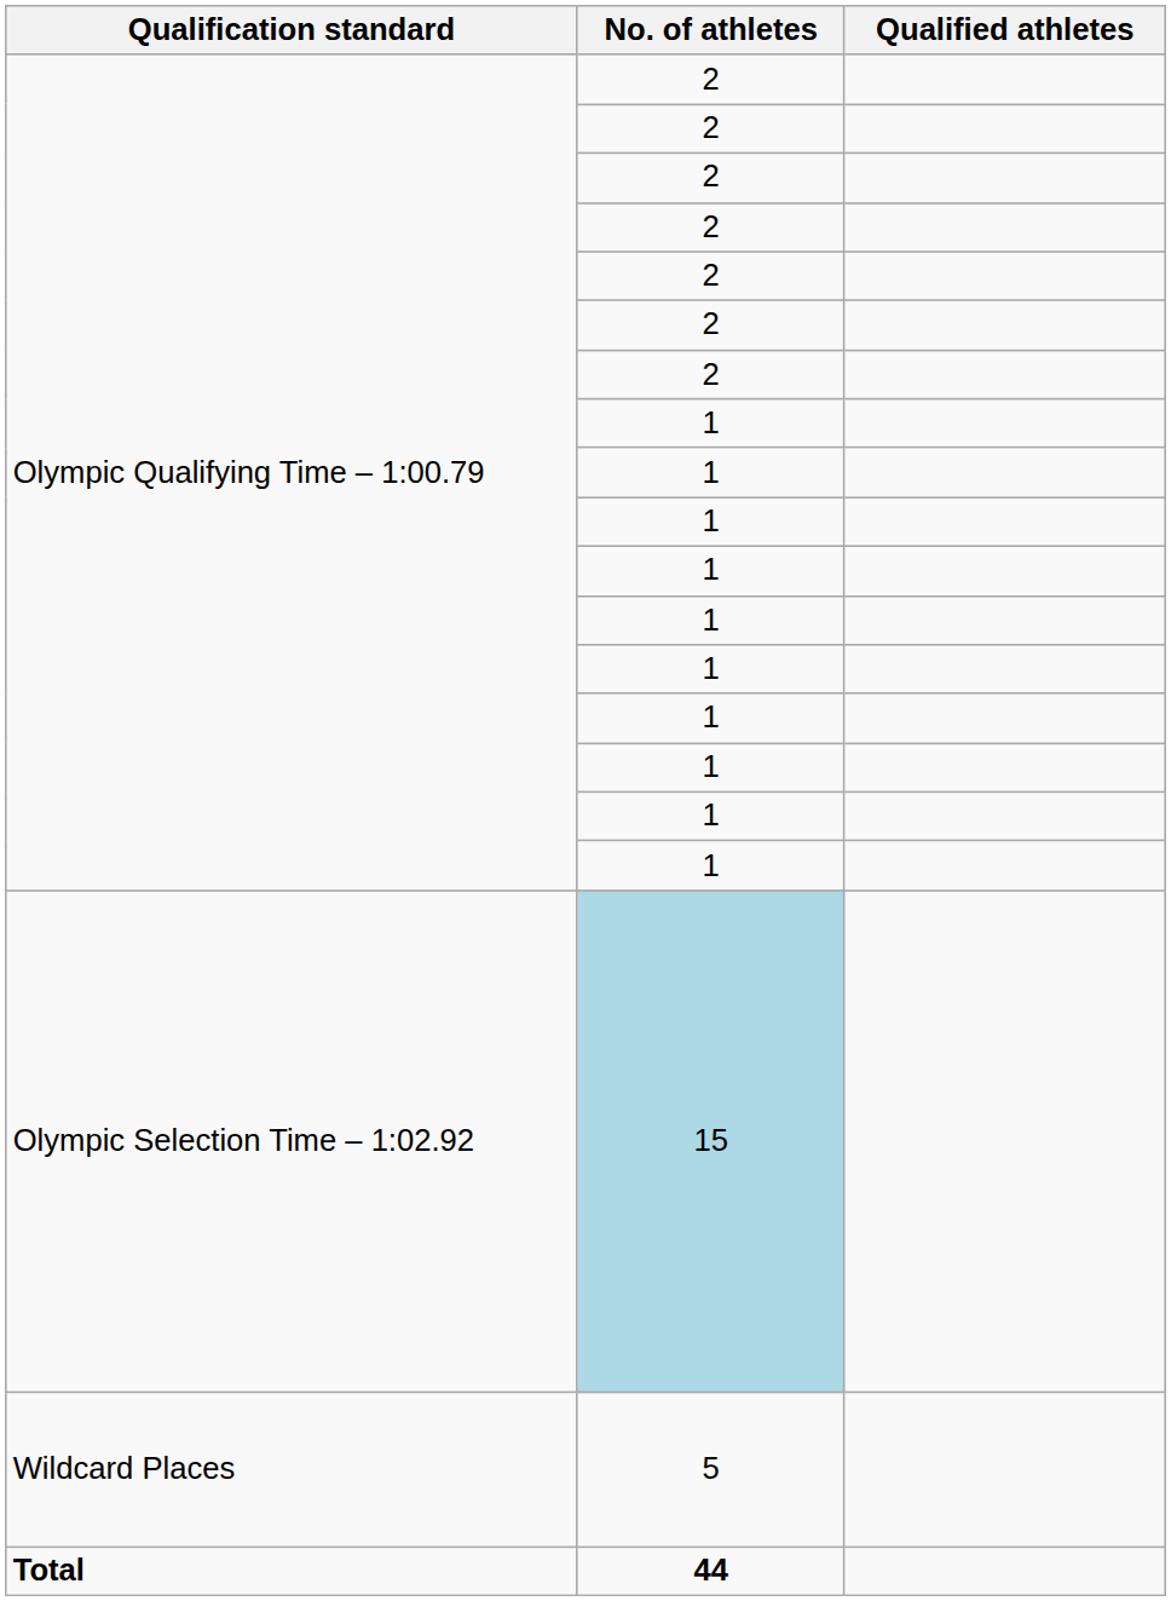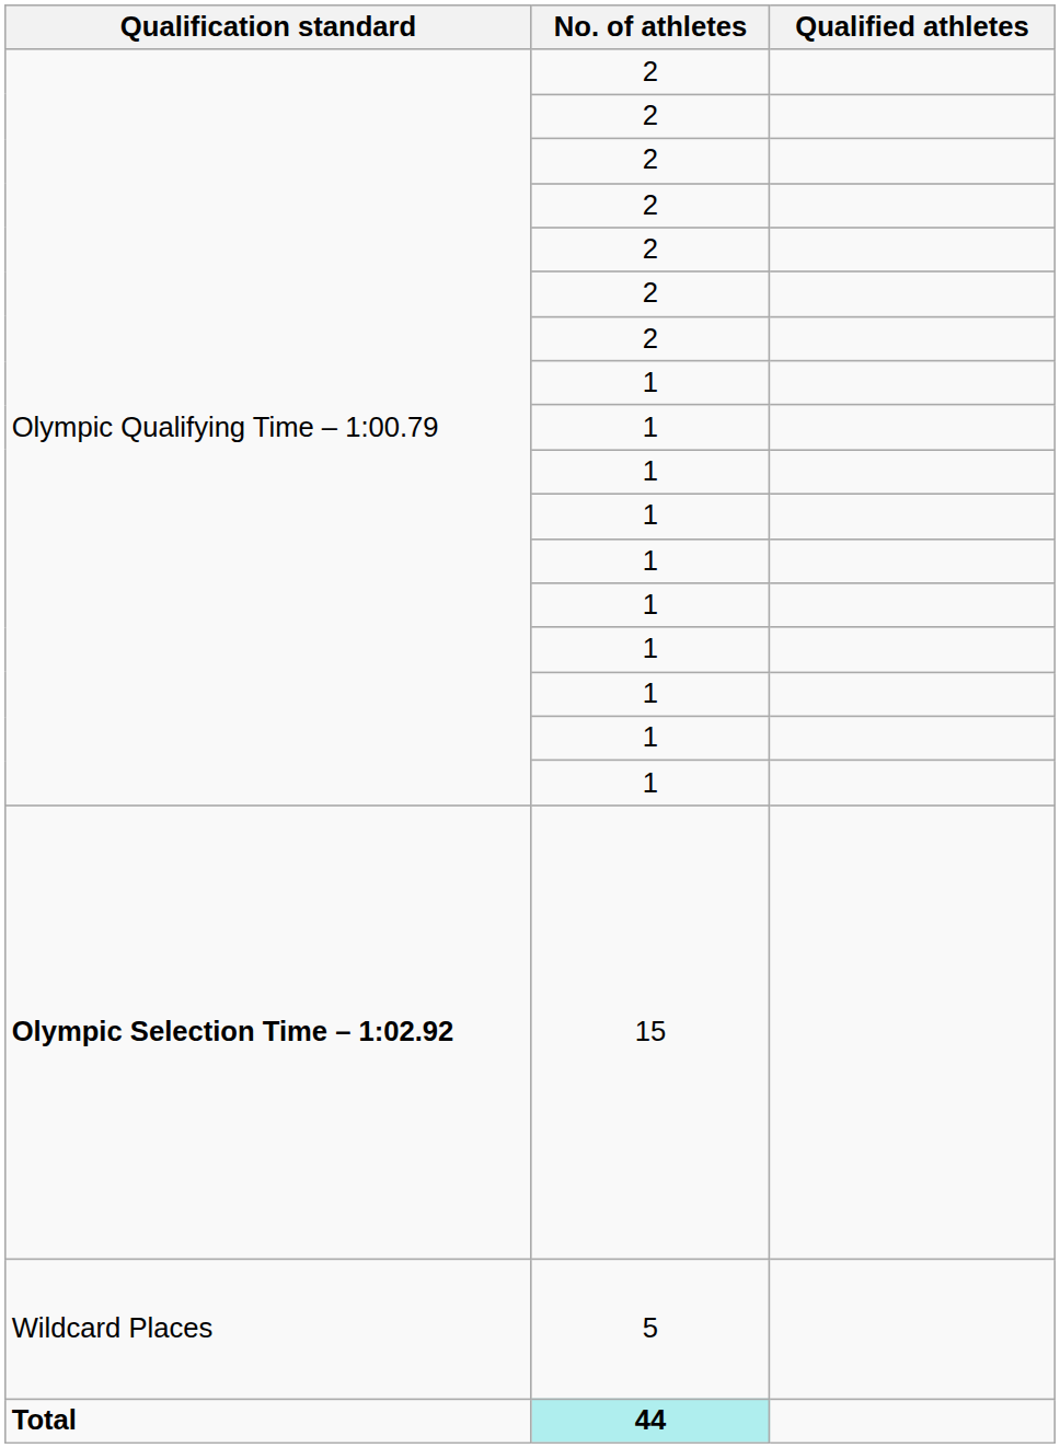 <table class=wikitable style="text-align:left" width=600>
 <tr>
 <th>Qualification standard</th>
 <th>No. of athletes</th>
 <th>Qualified athletes</th>
 </tr>
 <tr>
 <td rowspan="17">Olympic Qualifying Time – 1:00.79</td>
 <td align=center>2</td>
 <td><br></td>
 </tr>
 <tr>
 <td align=center>2</td>
 <td><br></td>
 </tr>
 <tr>
 <td align=center>2</td>
 <td><br></td>
 </tr>
 <tr>
 <td align=center>2</td>
 <td><br></td>
 </tr>
 <tr>
 <td align=center>2</td>
 <td> <br></td>
 </tr>
 <tr>
 <td align=center>2</td>
 <td><br></td>
 </tr>
 <tr>
 <td align=center>2</td>
 <td><br></td>
 </tr>
 <tr>
 <td align=center>1</td>
 <td></td>
 </tr>
 <tr>
 <td align=center>1</td>
 <td></td>
 </tr>
 <tr>
 <td align=center>1</td>
 <td></td>
 </tr>
 <tr>
 <td align=center>1</td>
 <td></td>
 </tr>
 <tr>
 <td align=center>1</td>
 <td></td>
 </tr>
 <tr>
 <td align=center>1</td>
 <td></td>
 </tr>
 <tr>
 <td align=center>1</td>
 <td></td>
 </tr>
 <tr>
 <td align=center>1</td>
 <td></td>
 </tr>
 <tr>
 <td align=center>1</td>
 <td></td>
 </tr>
 <tr>
 <td align=center>1</td>
 <td></td>
 </tr>
 <tr>
-<td rowspan="1">Olympic Selection Time – 1:02.92</td>
-<td align=center style="background: lightblue;">15</td>
+<td rowspan="1"><strong>Olympic Selection Time – 1:02.92</strong></td>
+<td align=center>15</td>
 <td><br> <br><br> <br> <br> <br> <br>  <br> <br> <br><br> <br><br> <br></td>
 </tr>
 <tr>
 <td rowspan="1">Wildcard Places</td>
 <td align=center>5</td>
 <td><br><br><br><br></td>
 </tr>
 <tr>
 <td><strong>Total</strong></td>
-<td align=center><strong>44</strong></td>
+<td align=center style="background: paleturquoise;"><strong>44</strong></td>
 <td></td>
 </tr>
 </table>
